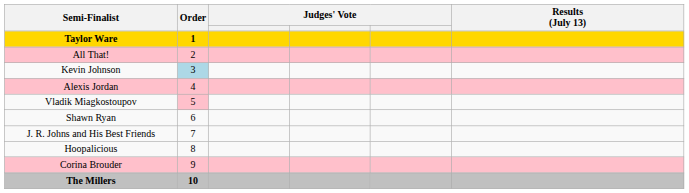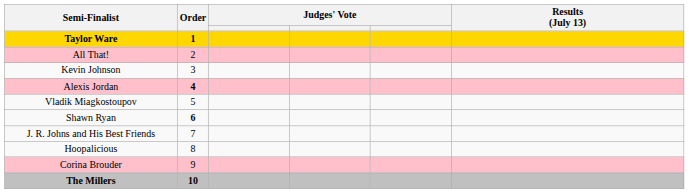 <table class="wikitable plainrowheaders sortable" style="text-align:center;">
 <tr>
 <th scope="col" rowspan="2" class="unsortable" style="width:17em;">Semi-Finalist</th>
 <th scope="col" rowspan="2" style="width:1em;">Order</th>
 <th scope="col" colspan="3" class="unsortable" style="width:24em;">Judges' Vote</th>
 <th scope="col" rowspan="2" style="width:23em;">Results <br> (July 13)</th>
 </tr>
 <tr>
 <th scope="col" class="unsortable" style="width:6em;"></th>
 <th scope="col" class="unsortable" style="width:6em;"></th>
 <th scope="col" class="unsortable" style="width:6em;"></th>
 </tr>
 <tr style="background:gold;">
 <td><strong>Taylor Ware</strong></td>
 <td><strong>1</strong></td>
 <td style="text-align:center;"></td>
 <td style="text-align:center;"></td>
 <td style="text-align:center;"></td>
 <td><strong></strong></td>
 </tr>
 <tr style="background:pink;">
 <td>All That!</td>
 <td>2</td>
 <td style="text-align:center;"></td>
 <td style="text-align:center;"></td>
 <td style="text-align:center;"></td>
 <td></td>
 </tr>
 <tr>
 <td>Kevin Johnson</td>
-<td style="background: lightblue;">3</td>
+<td>3</td>
 <td style="text-align:center;"></td>
 <td style="text-align:center;"></td>
 <td style="text-align:center;"></td>
 <td></td>
 </tr>
 <tr style="background:pink;">
 <td>Alexis Jordan</td>
-<td>4</td>
+<td><strong>4</strong></td>
 <td style="text-align:center;"></td>
 <td style="text-align:center;"></td>
 <td style="text-align:center;"></td>
 <td></td>
 </tr>
 <tr>
 <td>Vladik Miagkostoupov</td>
-<td style="background: pink;">5</td>
+<td>5</td>
 <td style="text-align:center;"> </td>
 <td style="text-align:center;"></td>
 <td style="text-align:center;"></td>
 <td></td>
 </tr>
 <tr>
 <td>Shawn Ryan</td>
-<td>6</td>
+<td><strong>6</strong></td>
 <td style="text-align:center;"></td>
 <td style="text-align:center;"></td>
 <td style="text-align:center;"></td>
 <td></td>
 </tr>
 <tr>
 <td>J. R. Johns and His Best Friends</td>
 <td>7</td>
 <td style="text-align:center;"></td>
 <td style="text-align:center;"></td>
 <td style="text-align:center;"></td>
 <td></td>
 </tr>
 <tr>
 <td>Hoopalicious</td>
 <td>8</td>
 <td style="text-align:center;"></td>
 <td style="text-align:center;"></td>
 <td style="text-align:center;"> </td>
 <td></td>
 </tr>
 <tr style="background:pink;">
 <td>Corina Brouder</td>
 <td>9</td>
 <td style="text-align:center;"></td>
 <td style="text-align:center;"></td>
 <td style="text-align:center;"></td>
 <td></td>
 </tr>
 <tr style="background:silver;">
 <td><strong>The Millers</strong></td>
 <td><strong>10</strong></td>
 <td style="text-align:center;"></td>
 <td style="text-align:center;"></td>
 <td style="text-align:center;"></td>
 <td><strong></strong></td>
 </tr>
 </table>
